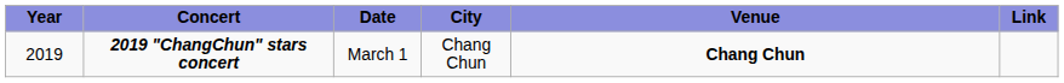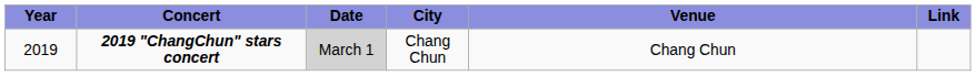 <table class="wikitable sortable mw-collapsible" width="80%" style="text-align:center">
 <tr align="center" style="background:#8B8EDE">
 <td style="width:2%"><strong>Year</strong></td>
 <td style="width:8%"><strong>Concert</strong></td>
 <td style="width:2%"><strong>Date</strong></td>
 <td style="width:2%"><strong>City</strong></td>
 <td style="width:18%"><strong>Venue</strong></td>
 <td style="width:1%"><strong>Link</strong></td>
 </tr>
 <tr>
 <td rowspan="2">2019</td>
 <td rowspan="2"><strong><em>2019 "ChangChun" stars concert</em></strong></td>
-<td>March 1</td>
+<td style="background: lightgrey;">March 1</td>
 <td>Chang Chun</td>
-<td><strong>Chang Chun</strong></td>
+<td>Chang Chun</td>
 <td></td>
 </tr>
 </table>
